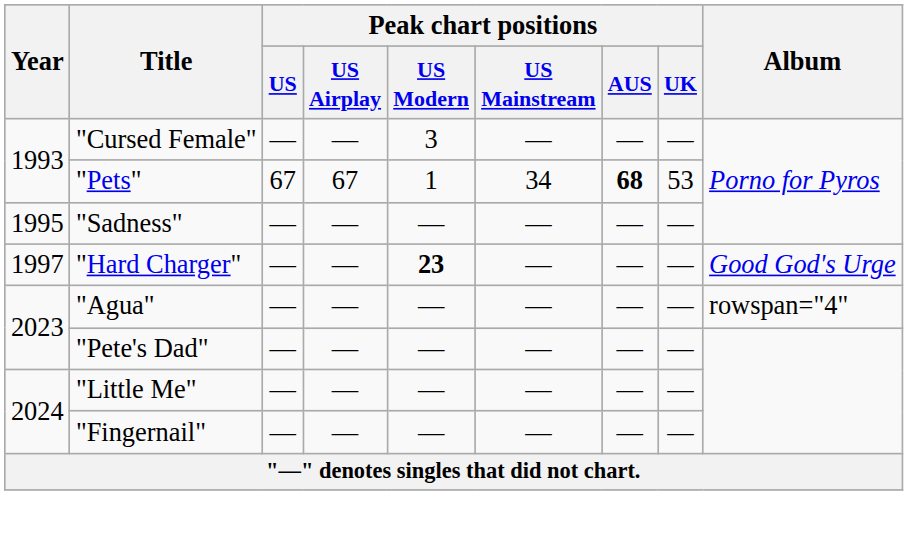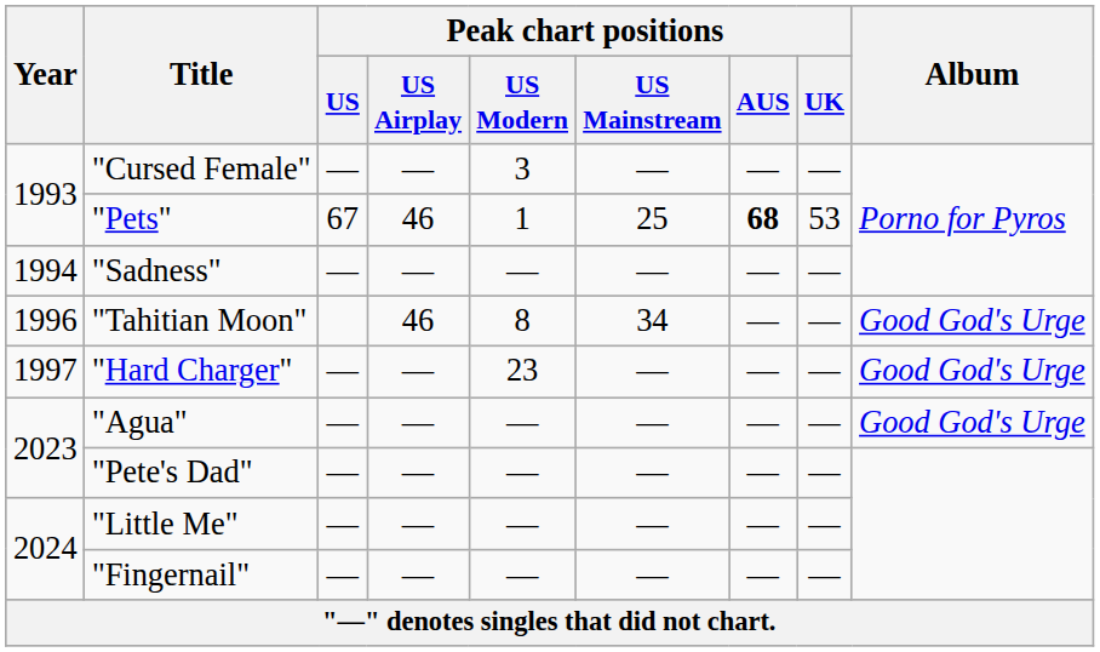 <table class="wikitable">
 <tr>
 <th rowspan="2">Year</th>
 <th rowspan="2">Title</th>
 <th colspan="6">Peak chart positions</th>
 <th rowspan="2">Album</th>
 </tr>
 <tr>
 <th style="width:1em"><small><a href='#'>US</a></small><br></th>
 <th style="width:1em"><small><a href='#'>US Airplay</a></small></th>
 <th style="width:1em"><small><a href='#'>US Modern</a></small></th>
 <th style="width:1em"><small><a href='#'>US Mainstream</a></small></th>
 <th style="width:1em"><small><a href='#'>AUS</a></small><br></th>
 <th style="width:1em"><small><a href='#'>UK</a></small><br></th>
 </tr>
 <tr>
 <td rowspan="2">1993</td>
 <td>"Cursed Female"</td>
 <td style="text-align:center;">—</td>
 <td style="text-align:center;">—</td>
 <td style="text-align:center;">3</td>
 <td style="text-align:center;">—</td>
 <td style="text-align:center;">—</td>
 <td style="text-align:center;">—</td>
 <td rowspan="3"><em><a href='#'>Porno for Pyros</a></em></td>
 </tr>
 <tr>
 <td>"<a href='#'>Pets</a>"</td>
 <td style="text-align:center;">67</td>
-<td style="text-align:center;">67</td>
+<td style="text-align:center;">46</td>
 <td style="text-align:center;">1</td>
-<td style="text-align:center;">34</td>
+<td style="text-align:center;">25</td>
 <td style="text-align:center;"><strong>68</strong></td>
 <td style="text-align:center;">53</td>
 </tr>
 <tr>
-<td>1995</td>
+<td>1994</td>
 <td>"Sadness"</td>
 <td style="text-align:center;">—</td>
 <td style="text-align:center;">—</td>
 <td style="text-align:center;">—</td>
 <td style="text-align:center;">—</td>
 <td style="text-align:center;">—</td>
 <td style="text-align:center;">—</td>
 </tr>
 <tr>
+<td>1996</td>
+<td>"Tahitian Moon"</td>
+<td style="text-align:center;"></td>
+<td style="text-align:center;">46</td>
+<td style="text-align:center;">8</td>
+<td style="text-align:center;">34</td>
+<td style="text-align:center;">—</td>
+<td style="text-align:center;">—</td>
+<td><em><a href='#'>Good God's Urge</a></em></td>
+</tr>
+<tr>
 <td>1997</td>
 <td>"<a href='#'>Hard Charger</a>"</td>
 <td style="text-align:center;">—</td>
 <td style="text-align:center;">—</td>
-<td style="text-align:center;"><strong>23</strong></td>
+<td style="text-align:center;">23</td>
 <td style="text-align:center;">—</td>
 <td style="text-align:center;">—</td>
 <td style="text-align:center;">—</td>
 <td><em><a href='#'>Good God's Urge</a></em></td>
 </tr>
 <tr>
 <td rowspan="2">2023</td>
 <td>"Agua"</td>
 <td style="text-align:center;">—</td>
 <td style="text-align:center;">—</td>
 <td style="text-align:center;">—</td>
 <td style="text-align:center;">—</td>
 <td style="text-align:center;">—</td>
 <td style="text-align:center;">—</td>
-<td>rowspan="4" </td>
+<td><em><a href='#'>Good God's Urge</a></em></td>
 </tr>
 <tr>
 <td>"Pete's Dad"</td>
 <td style="text-align:center;">—</td>
 <td style="text-align:center;">—</td>
 <td style="text-align:center;">—</td>
 <td style="text-align:center;">—</td>
 <td style="text-align:center;">—</td>
 <td style="text-align:center;">—</td>
 </tr>
 <tr>
 <td rowspan="2">2024</td>
 <td>"Little Me"</td>
 <td style="text-align:center;">—</td>
 <td style="text-align:center;">—</td>
 <td style="text-align:center;">—</td>
 <td style="text-align:center;">—</td>
 <td style="text-align:center;">—</td>
 <td style="text-align:center;">—</td>
 </tr>
 <tr>
 <td>"Fingernail"</td>
 <td style="text-align:center;">—</td>
 <td style="text-align:center;">—</td>
 <td style="text-align:center;">—</td>
 <td style="text-align:center;">—</td>
 <td style="text-align:center;">—</td>
 <td style="text-align:center;">—</td>
 </tr>
 <tr>
 <th colspan="9" style="font-size: 85%">"—" denotes singles that did not chart.</th>
 </tr>
 </table>
